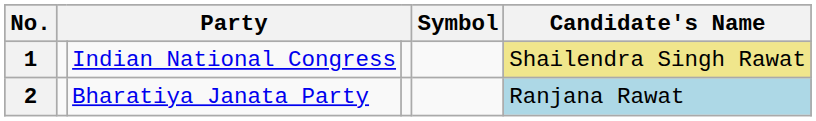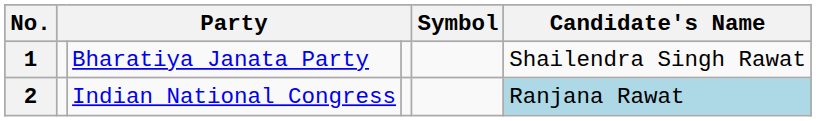 <table class="wikitable sortable">
 <tr>
 <th>No.</th>
 <th colspan="3">Party</th>
 <th>Symbol</th>
 <th>Candidate's Name</th>
 </tr>
 <tr>
 <th>1</th>
 <td style="background:"></td>
-<td><a href='#'>Indian National Congress</a></td>
+<td><a href='#'>Bharatiya Janata Party</a></td>
 <td></td>
 <td></td>
-<td style="background: khaki;">Shailendra Singh Rawat</td>
+<td>Shailendra Singh Rawat</td>
 </tr>
 <tr>
 <th>2</th>
 <td style="background:"></td>
-<td><a href='#'>Bharatiya Janata Party</a></td>
+<td><a href='#'>Indian National Congress</a></td>
 <td></td>
 <td></td>
 <td style="background: lightblue;">Ranjana Rawat</td>
 </tr>
 </table>
